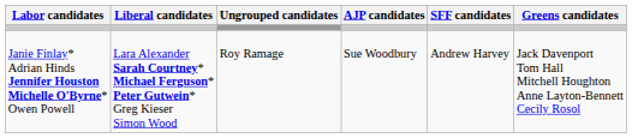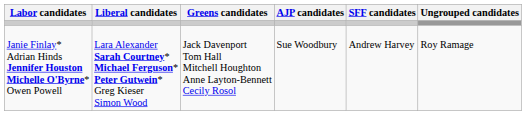 <table class="wikitable">
 <tr>
 <th><a href='#'>Labor</a> candidates</th>
 <th><a href='#'>Liberal</a> candidates</th>
-<th>Ungrouped candidates</th>
+<th><a href='#'>Greens</a> candidates</th>
 <th><a href='#'>AJP</a> candidates</th>
 <th><a href='#'>SFF</a> candidates</th>
-<th><a href='#'>Greens</a> candidates</th>
+<th>Ungrouped candidates</th>
 </tr>
 <tr bgcolor="#cccccc">
 <td></td>
 <td></td>
-<td bgcolor="#999999"></td>
 <td></td>
 <td></td>
 <td></td>
+<td bgcolor="#999999"></td>
 </tr>
 <tr>
 <td valign=top ><br><a href='#'>Janie Finlay</a>*<br> Adrian Hinds<br> <strong><a href='#'>Jennifer Houston</a></strong><br> <strong><a href='#'>Michelle O'Byrne</a></strong>*<br> Owen Powell</td>
 <td valign=top ><br><a href='#'>Lara Alexander</a><br> <strong><a href='#'>Sarah Courtney</a></strong>*<br> <strong><a href='#'>Michael Ferguson</a></strong>*<br> <strong><a href='#'>Peter Gutwein</a></strong>*<br> Greg Kieser<br> <a href='#'>Simon Wood</a></td>
-<td valign=top><br>Roy Ramage</td>
+<td valign=top><br>Jack Davenport<br> Tom Hall<br> Mitchell Houghton<br> Anne Layton-Bennett<br> <a href='#'>Cecily Rosol</a></td>
 <td valign=top><br>Sue Woodbury</td>
 <td valign=top><br>Andrew Harvey</td>
-<td valign=top><br>Jack Davenport<br> Tom Hall<br> Mitchell Houghton<br> Anne Layton-Bennett<br> <a href='#'>Cecily Rosol</a></td>
+<td valign=top><br>Roy Ramage</td>
 </tr>
 </table>
